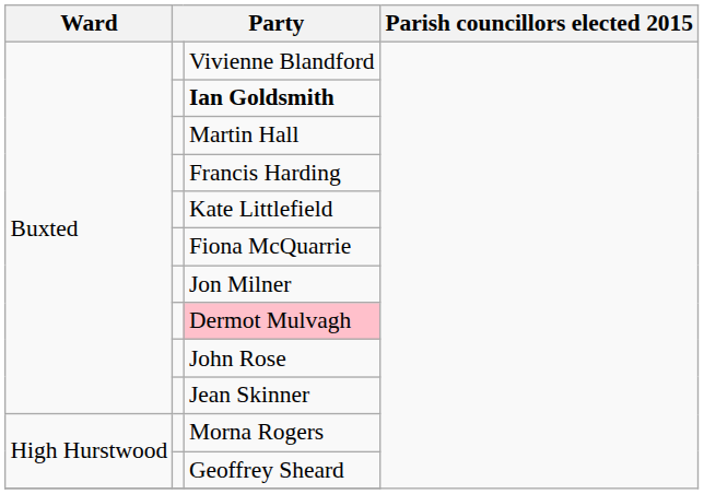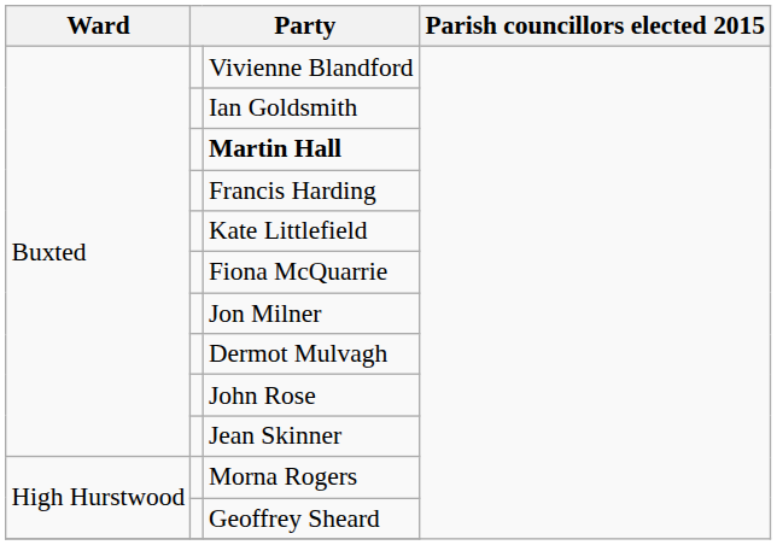 <table class="wikitable">
 <tr>
 <th>Ward</th>
 <th colspan=2>Party</th>
 <th>Parish councillors elected 2015</th>
 </tr>
 <tr>
 <td rowspan="10">Buxted</td>
 <td></td>
 <td>Vivienne Blandford</td>
 </tr>
 <tr>
 <td></td>
-<td><strong>Ian Goldsmith</strong></td>
+<td>Ian Goldsmith</td>
 </tr>
 <tr>
 <td></td>
-<td>Martin Hall</td>
+<td><strong>Martin Hall</strong></td>
 </tr>
 <tr>
 <td></td>
 <td>Francis Harding</td>
 </tr>
 <tr>
 <td></td>
 <td>Kate Littlefield</td>
 </tr>
 <tr>
 <td></td>
 <td>Fiona McQuarrie</td>
 </tr>
 <tr>
 <td></td>
 <td>Jon Milner</td>
 </tr>
 <tr>
 <td></td>
-<td style="background: pink;">Dermot Mulvagh</td>
+<td>Dermot Mulvagh</td>
 </tr>
 <tr>
 <td></td>
 <td>John Rose</td>
 </tr>
 <tr>
 <td></td>
 <td>Jean Skinner</td>
 </tr>
 <tr>
 <td rowspan="2">High Hurstwood</td>
 <td></td>
 <td>Morna Rogers</td>
 </tr>
 <tr>
 <td></td>
 <td>Geoffrey Sheard</td>
 </tr>
 <tr>
 </tr>
 </table>
